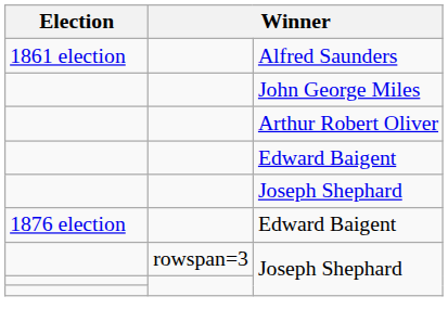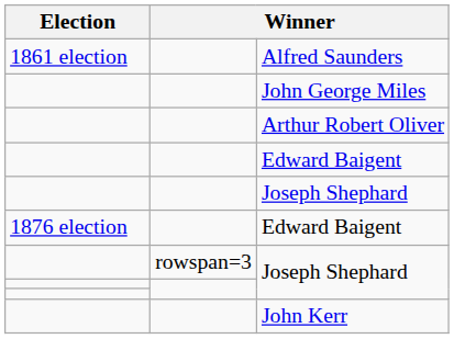 <table class=wikitable>
 <tr>
 <th width=100>Election</th>
 <th width=175 colspan=2>Winner</th>
 </tr>
 <tr>
 <td><a href='#'>1861 election</a></td>
 <td></td>
 <td><a href='#'>Alfred Saunders</a></td>
 </tr>
 <tr>
 <td></td>
 <td></td>
 <td><a href='#'>John George Miles</a></td>
 </tr>
 <tr>
 <td></td>
 <td></td>
 <td><a href='#'>Arthur Robert Oliver</a></td>
 </tr>
 <tr>
 <td></td>
 <td></td>
 <td><a href='#'>Edward Baigent</a></td>
 </tr>
 <tr>
 <td></td>
 <td></td>
 <td><a href='#'>Joseph Shephard</a></td>
 </tr>
 <tr>
 <td><a href='#'>1876 election</a></td>
 <td></td>
 <td>Edward Baigent</td>
 </tr>
 <tr>
 <td></td>
 <td>rowspan=3 </td>
 <td rowspan=3>Joseph Shephard</td>
 </tr>
 <tr>
 <td></td>
 </tr>
 <tr>
 <td></td>
 </tr>
+<tr>
+<td></td>
+<td></td>
+<td><a href='#'>John Kerr</a></td>
+</tr>
 </table>
